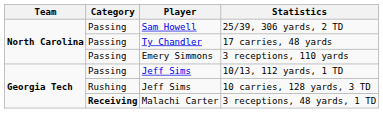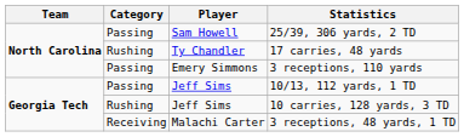 <table class="wikitable" style="float: right;">
 <tr>
 <th>Team</th>
 <th>Category</th>
 <th>Player</th>
 <th>Statistics</th>
 </tr>
 <tr>
 <td rowspan=3><strong>North Carolina</strong></td>
 <td>Passing</td>
 <td><a href='#'>Sam Howell</a></td>
 <td>25/39, 306 yards, 2 TD</td>
 </tr>
 <tr>
-<td>Passing</td>
+<td>Rushing</td>
 <td><a href='#'>Ty Chandler</a></td>
 <td>17 carries, 48 yards</td>
 </tr>
 <tr>
 <td>Passing</td>
 <td>Emery Simmons</td>
 <td>3 receptions, 110 yards</td>
 </tr>
 <tr>
 <td rowspan=3><strong>Georgia Tech</strong></td>
 <td>Passing</td>
 <td><a href='#'>Jeff Sims</a></td>
 <td>10/13, 112 yards, 1 TD</td>
 </tr>
 <tr>
 <td>Rushing</td>
 <td>Jeff Sims</td>
 <td>10 carries, 128 yards, 3 TD</td>
 </tr>
 <tr>
-<td><strong>Receiving</strong></td>
+<td>Receiving</td>
 <td>Malachi Carter</td>
 <td>3 receptions, 48 yards, 1 TD</td>
 </tr>
 </table>
